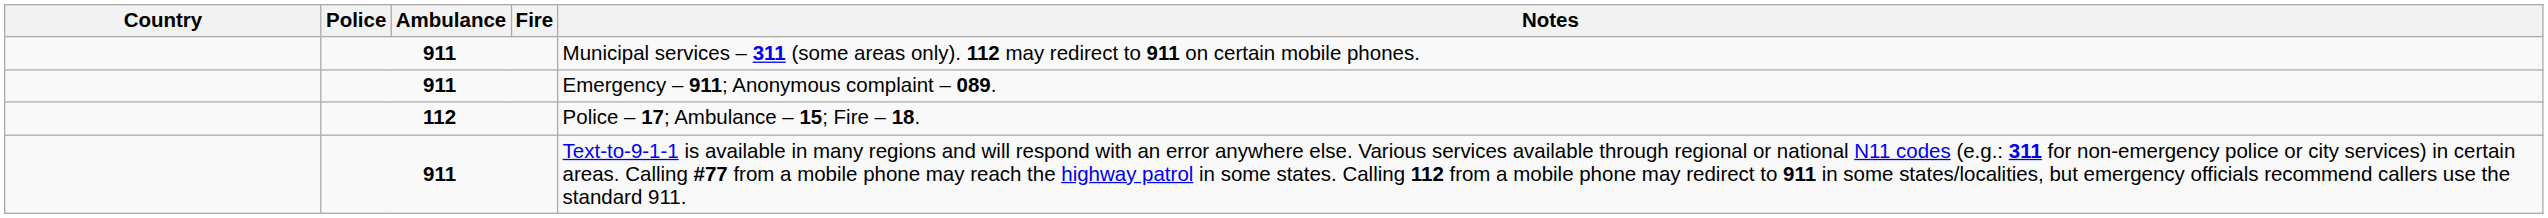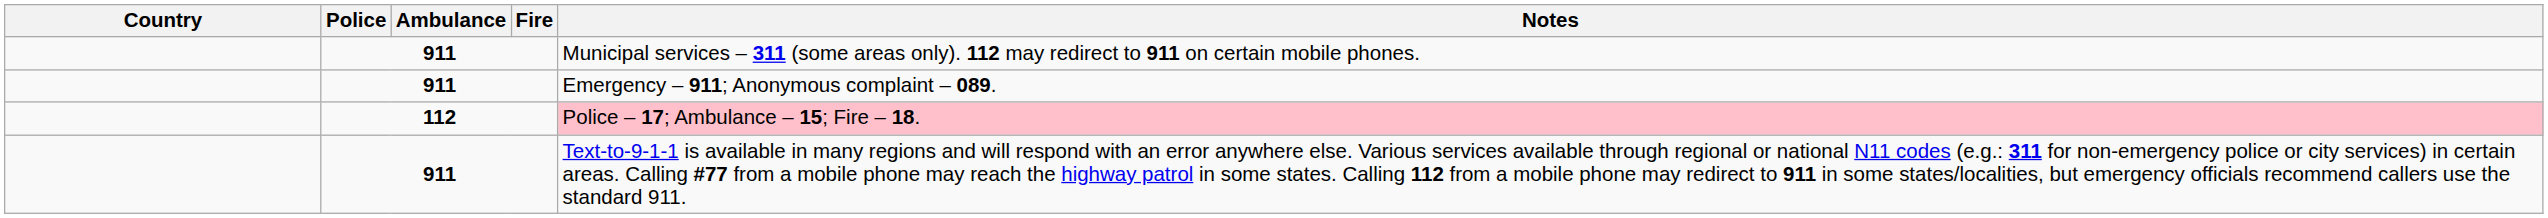 <table class="wikitable sortable" style="width: 100%;">
 <tr>
 <th style="width: 15em;">Country</th>
 <th>Police</th>
 <th>Ambulance</th>
 <th>Fire</th>
 <th>Notes</th>
 </tr>
 <tr>
 <td></td>
 <td colspan="3" style="text-align: center;"><strong>911</strong></td>
 <td>Municipal services – <strong><a href='#'>311</a></strong> (some areas only). <strong>112</strong> may redirect to <strong>911</strong> on certain mobile phones.</td>
 </tr>
 <tr>
 <td></td>
 <td colspan="3" style="text-align: center;"><strong>911</strong></td>
 <td>Emergency – <strong>911</strong>; Anonymous complaint – <strong>089</strong>.</td>
 </tr>
 <tr>
 <td></td>
 <td colspan="3" style="text-align: center;"><strong>112</strong></td>
-<td>Police – <strong>17</strong>; Ambulance – <strong>15</strong>; Fire – <strong>18</strong>.</td>
+<td style="background: pink;">Police – <strong>17</strong>; Ambulance – <strong>15</strong>; Fire – <strong>18</strong>.</td>
 </tr>
 <tr>
 <td></td>
 <td colspan="3" style="text-align: center;"><strong>911</strong></td>
 <td><a href='#'>Text-to-9-1-1</a> is available in many regions and will respond with an error anywhere else. Various services available through regional or national <a href='#'>N11 codes</a> (e.g.: <strong><a href='#'>311</a></strong> for non-emergency police or city services) in certain areas. Calling <strong>#77</strong> from a mobile phone may reach the <a href='#'>highway patrol</a> in some states. Calling <strong>112</strong> from a mobile phone may redirect to <strong>911</strong> in some states/localities, but emergency officials recommend callers use the standard 911.</td>
 </tr>
 </table>
